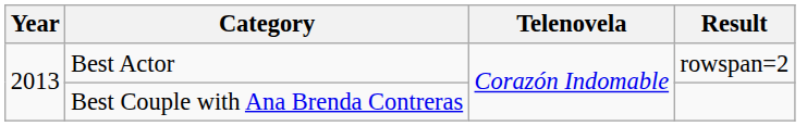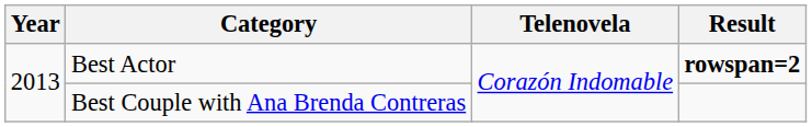 <table class="wikitable">
 <tr>
 <th><strong>Year</strong></th>
 <th><strong>Category</strong></th>
 <th><strong>Telenovela</strong></th>
 <th><strong>Result</strong></th>
 </tr>
 <tr>
 <td rowspan=2>2013</td>
 <td>Best Actor</td>
 <td rowspan=2><em><a href='#'>Corazón Indomable</a></em></td>
-<td>rowspan=2 </td>
+<td><strong>rowspan=2 </strong></td>
 </tr>
 <tr>
 <td>Best Couple with <a href='#'>Ana Brenda Contreras</a></td>
 </tr>
 </table>
